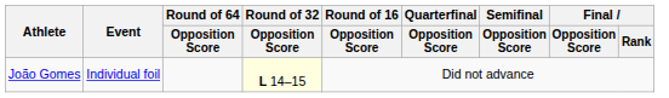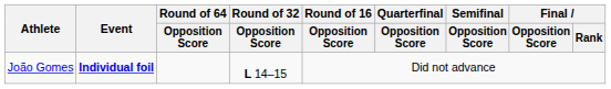 <table class="wikitable" style="font-size:90%">
 <tr>
 <th rowspan="2">Athlete</th>
 <th rowspan="2">Event</th>
 <th>Round of 64</th>
 <th>Round of 32</th>
 <th>Round of 16</th>
 <th>Quarterfinal</th>
 <th>Semifinal</th>
 <th colspan=2>Final / </th>
 </tr>
 <tr style="font-size:95%">
 <th>Opposition <br> Score</th>
 <th>Opposition <br> Score</th>
 <th>Opposition <br> Score</th>
 <th>Opposition <br> Score</th>
 <th>Opposition <br> Score</th>
 <th>Opposition <br> Score</th>
 <th>Rank</th>
 </tr>
 <tr align=center>
 <td align=left><a href='#'>João Gomes</a></td>
-<td align=left><a href='#'>Individual foil</a></td>
+<td align=left><strong><a href='#'>Individual foil</a></strong></td>
 <td></td>
-<td style="background: lightyellow;"><br><strong>L</strong> 14–15</td>
+<td><br><strong>L</strong> 14–15</td>
 <td colspan=5>Did not advance</td>
 </tr>
 </table>
